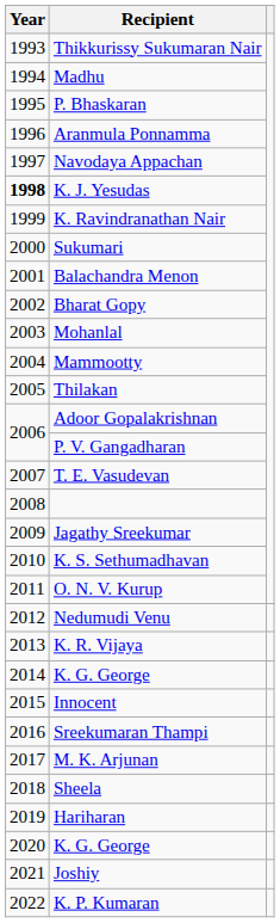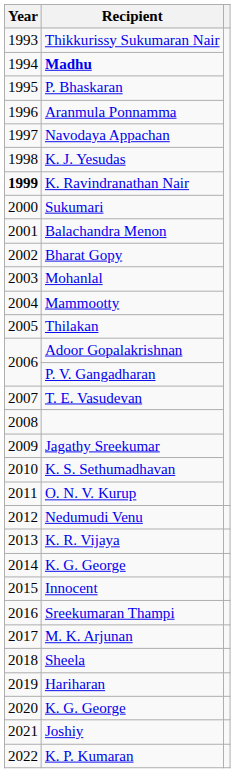 <table class="wikitable">
 <tr>
 <th>Year</th>
 <th>Recipient</th>
 <th></th>
 </tr>
 <tr>
 <td>1993</td>
 <td><a href='#'>Thikkurissy Sukumaran Nair</a></td>
 <td rowspan=20></td>
 </tr>
 <tr>
 <td>1994</td>
-<td><a href='#'>Madhu</a></td>
+<td><strong><a href='#'>Madhu</a></strong></td>
 </tr>
 <tr>
 <td>1995</td>
 <td><a href='#'>P. Bhaskaran</a></td>
 </tr>
 <tr>
 <td>1996</td>
 <td><a href='#'>Aranmula Ponnamma</a></td>
 </tr>
 <tr>
 <td>1997</td>
 <td><a href='#'>Navodaya Appachan</a></td>
 </tr>
 <tr>
-<td><strong>1998</strong></td>
+<td>1998</td>
 <td><a href='#'>K. J. Yesudas</a></td>
 </tr>
 <tr>
-<td>1999</td>
+<td><strong>1999</strong></td>
 <td><a href='#'>K. Ravindranathan Nair</a></td>
 </tr>
 <tr>
 <td>2000</td>
 <td><a href='#'>Sukumari</a></td>
 </tr>
 <tr>
 <td>2001</td>
 <td><a href='#'>Balachandra Menon</a></td>
 </tr>
 <tr>
 <td>2002</td>
 <td><a href='#'>Bharat Gopy</a></td>
 </tr>
 <tr>
 <td>2003</td>
 <td><a href='#'>Mohanlal</a></td>
 </tr>
 <tr>
 <td>2004</td>
 <td><a href='#'>Mammootty</a></td>
 </tr>
 <tr>
 <td>2005</td>
 <td><a href='#'>Thilakan</a></td>
 </tr>
 <tr>
 <td rowspan=2>2006</td>
 <td><a href='#'>Adoor Gopalakrishnan</a></td>
 </tr>
 <tr>
 <td><a href='#'>P. V. Gangadharan</a></td>
 </tr>
 <tr>
 <td>2007</td>
 <td><a href='#'>T. E. Vasudevan</a></td>
 </tr>
 <tr>
 <td>2008</td>
 <td></td>
 </tr>
 <tr>
 <td>2009</td>
 <td><a href='#'>Jagathy Sreekumar</a></td>
 </tr>
 <tr>
 <td>2010</td>
 <td><a href='#'>K. S. Sethumadhavan</a></td>
 </tr>
 <tr>
 <td>2011</td>
 <td><a href='#'>O. N. V. Kurup</a></td>
 </tr>
 <tr>
 <td>2012</td>
 <td><a href='#'>Nedumudi Venu</a></td>
 <td></td>
 </tr>
 <tr>
 <td>2013</td>
 <td><a href='#'>K. R. Vijaya</a></td>
 <td></td>
 </tr>
 <tr>
 <td>2014</td>
 <td><a href='#'>K. G. George</a></td>
 <td></td>
 </tr>
 <tr>
 <td>2015</td>
 <td><a href='#'>Innocent</a></td>
 <td></td>
 </tr>
 <tr>
 <td>2016</td>
 <td><a href='#'>Sreekumaran Thampi</a></td>
 <td></td>
 </tr>
 <tr>
 <td>2017</td>
 <td><a href='#'>M. K. Arjunan</a></td>
 <td></td>
 </tr>
 <tr>
 <td>2018</td>
 <td><a href='#'>Sheela</a></td>
 <td></td>
 </tr>
 <tr>
 <td>2019</td>
 <td><a href='#'>Hariharan</a></td>
 <td></td>
 </tr>
 <tr>
 <td>2020</td>
 <td><a href='#'>K. G. George</a></td>
 <td></td>
 </tr>
 <tr>
 <td>2021</td>
 <td><a href='#'>Joshiy</a></td>
 <td></td>
 </tr>
 <tr>
 <td>2022</td>
 <td><a href='#'>K. P. Kumaran</a></td>
 <td></td>
 </tr>
 </table>
